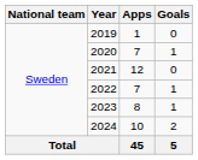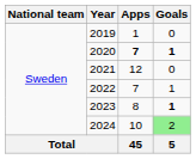 <table class="wikitable" style="text-align:center">
 <tr>
 <th>National team</th>
 <th>Year</th>
 <th>Apps</th>
 <th>Goals</th>
 </tr>
 <tr>
 <td rowspan="6"><a href='#'>Sweden</a></td>
 <td>2019</td>
 <td>1</td>
 <td>0</td>
 </tr>
 <tr>
 <td>2020</td>
-<td>7</td>
-<td>1</td>
+<td><strong>7</strong></td>
+<td><strong>1</strong></td>
 </tr>
 <tr>
 <td>2021</td>
 <td>12</td>
 <td>0</td>
 </tr>
 <tr>
 <td>2022</td>
 <td>7</td>
 <td>1</td>
 </tr>
 <tr>
 <td>2023</td>
 <td>8</td>
-<td>1</td>
+<td><strong>1</strong></td>
 </tr>
 <tr>
 <td>2024</td>
 <td>10</td>
-<td>2</td>
+<td style="background: lightgreen;">2</td>
 </tr>
 <tr>
 <th colspan="2">Total</th>
 <th>45</th>
 <th>5</th>
 </tr>
 </table>
